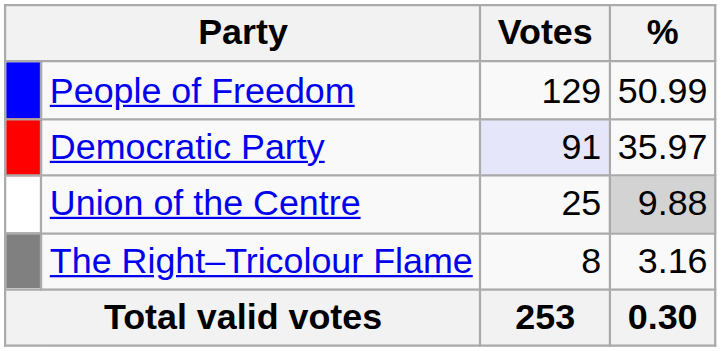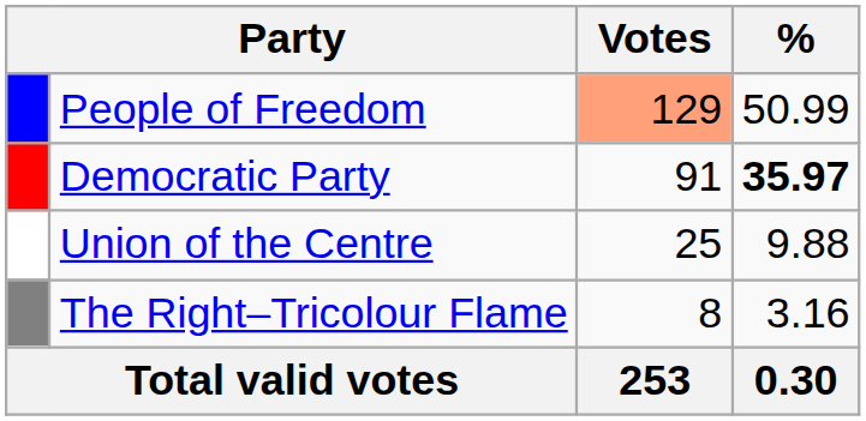 <table class="wikitable">
 <tr>
 <th colspan="2" style="width: 130px">Party</th>
 <th style="width: 50px">Votes</th>
 <th style="width: 40px">%</th>
 </tr>
 <tr>
 <td style="background-color:blue">  </td>
 <td style="text-align: left"><a href='#'>People of Freedom</a></td>
-<td style="text-align: right">129</td>
+<td style="background: lightsalmon; text-align: right">129</td>
 <td style="text-align: right">50.99</td>
 </tr>
 <tr>
 <td style="background-color:red">  </td>
 <td style="text-align: left"><a href='#'>Democratic Party</a></td>
-<td style="background: lavender; text-align: right">91</td>
-<td style="text-align: right">35.97</td>
+<td style="text-align: right">91</td>
+<td style="text-align: right"><strong>35.97</strong></td>
 </tr>
 <tr>
 <td style="background-color:white">  </td>
 <td style="text-align: left"><a href='#'>Union of the Centre</a></td>
 <td align="right">25</td>
-<td align="right" style="background: lightgrey;">9.88</td>
+<td align="right">9.88</td>
 </tr>
 <tr>
 <td style="background-color:grey">  </td>
 <td style="text-align: left"><a href='#'>The Right–Tricolour Flame</a></td>
 <td align="right">8</td>
 <td align="right">3.16</td>
 </tr>
 <tr bgcolor="white">
 <th align="right" colspan=2>Total valid votes</th>
 <th align="right">253</th>
 <th align="right">0.30</th>
 </tr>
 </table>
